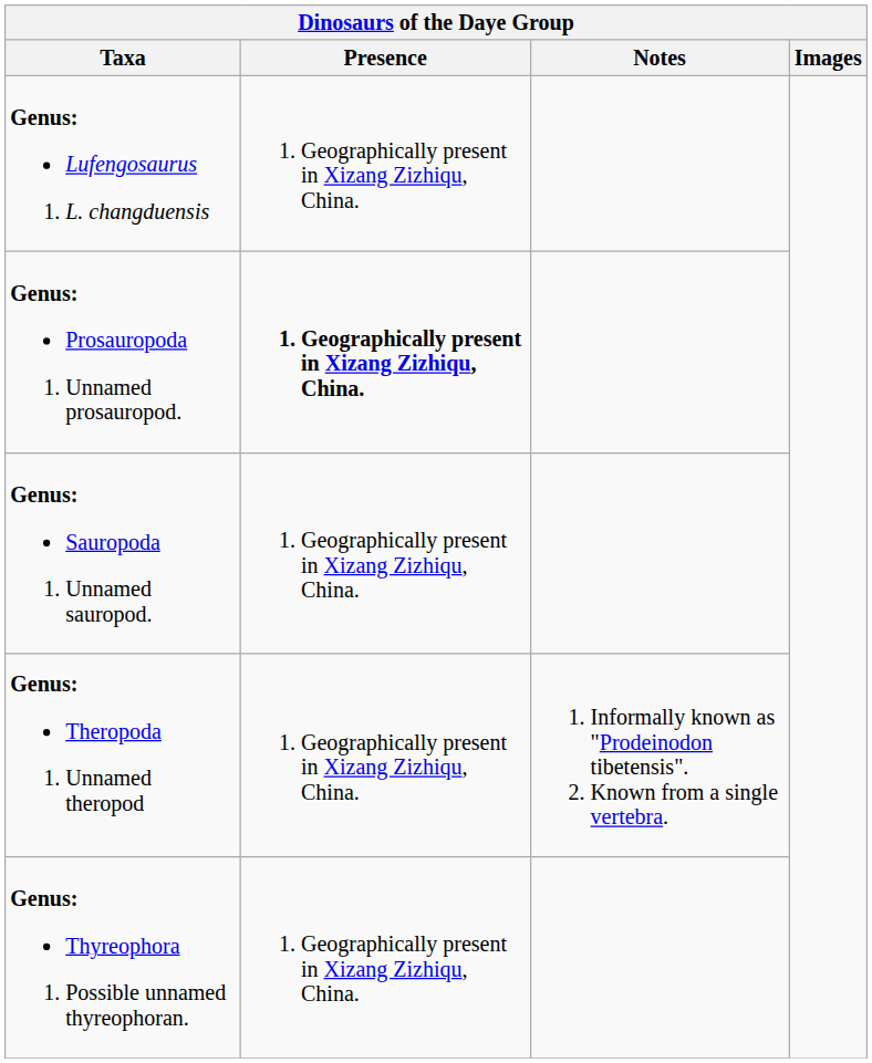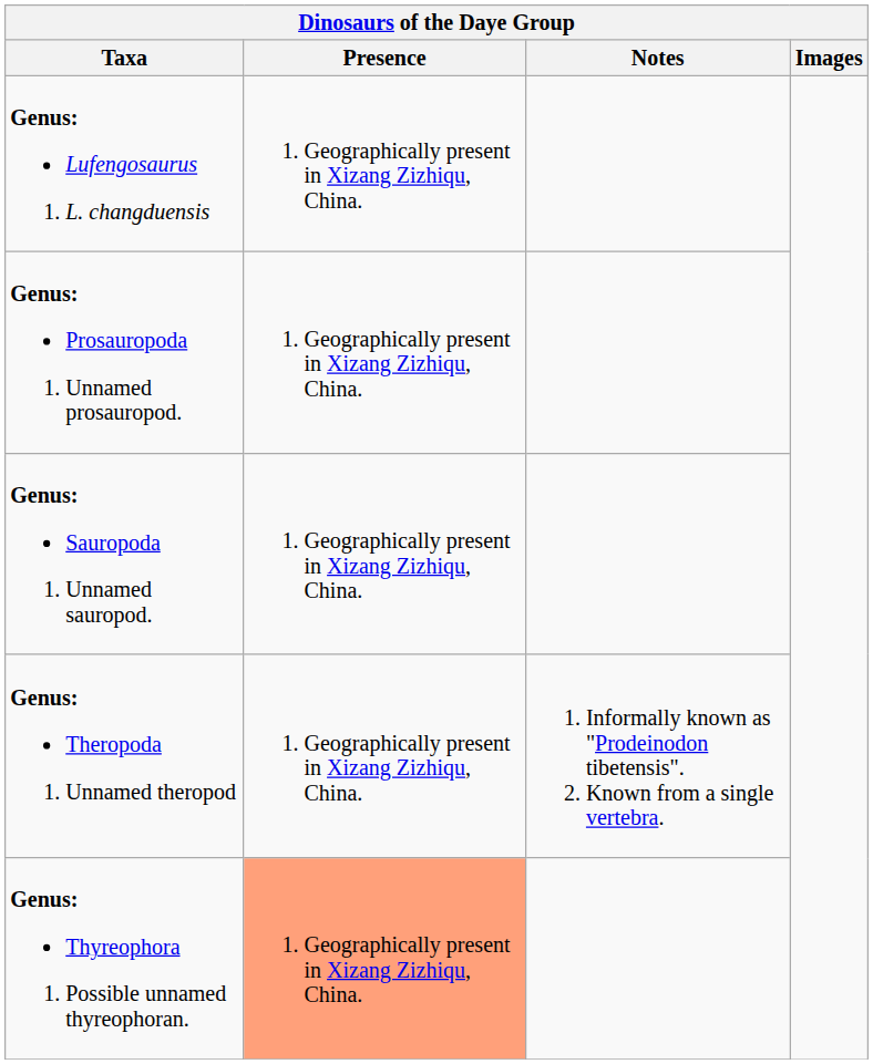 <table class="wikitable" align="center" width="100%">
 <tr>
 <th colspan="5" align="center"><strong><a href='#'>Dinosaurs</a> of the Daye Group</strong></th>
 </tr>
 <tr>
 <th>Taxa</th>
 <th>Presence</th>
 <th>Notes</th>
 <th>Images</th>
 </tr>
 <tr>
 <td><br><strong>Genus:</strong><ul><li><em><a href='#'>Lufengosaurus</a></em></li></ul><ol><li><em>L. changduensis</em></li></ol></td>
 <td><br><ol><li>Geographically present in <a href='#'>Xizang Zizhiqu</a>, China.</li></ol></td>
 <td></td>
 <td rowspan="100"><br><br></td>
 </tr>
 <tr>
 <td><br><strong>Genus:</strong><ul><li><a href='#'>Prosauropoda</a></li></ul><ol><li>Unnamed prosauropod.</li></ol></td>
-<td><strong><br><ol><li>Geographically present in <a href='#'>Xizang Zizhiqu</a>, China.</li></ol></strong></td>
+<td><br><ol><li>Geographically present in <a href='#'>Xizang Zizhiqu</a>, China.</li></ol></td>
 <td></td>
 </tr>
 <tr>
 <td><br><strong>Genus:</strong><ul><li><a href='#'>Sauropoda</a></li></ul><ol><li>Unnamed sauropod.</li></ol></td>
 <td><br><ol><li>Geographically present in <a href='#'>Xizang Zizhiqu</a>, China.</li></ol></td>
 <td></td>
 </tr>
 <tr>
 <td><strong>Genus:</strong><br><ul><li><a href='#'>Theropoda</a></li></ul><ol><li>Unnamed theropod</li></ol></td>
 <td><br><ol><li>Geographically present in <a href='#'>Xizang Zizhiqu</a>, China.</li></ol></td>
 <td><br><ol><li>Informally known as "<a href='#'>Prodeinodon</a> tibetensis".</li><li>Known from a single <a href='#'>vertebra</a>.</li></ol></td>
 </tr>
 <tr>
 <td><br><strong>Genus:</strong><ul><li><a href='#'>Thyreophora</a></li></ul><ol><li>Possible unnamed thyreophoran.</li></ol></td>
-<td><br><ol><li>Geographically present in <a href='#'>Xizang Zizhiqu</a>, China.</li></ol></td>
+<td style="background: lightsalmon;"><br><ol><li>Geographically present in <a href='#'>Xizang Zizhiqu</a>, China.</li></ol></td>
 <td></td>
 </tr>
 <tr>
 </tr>
 </table>
